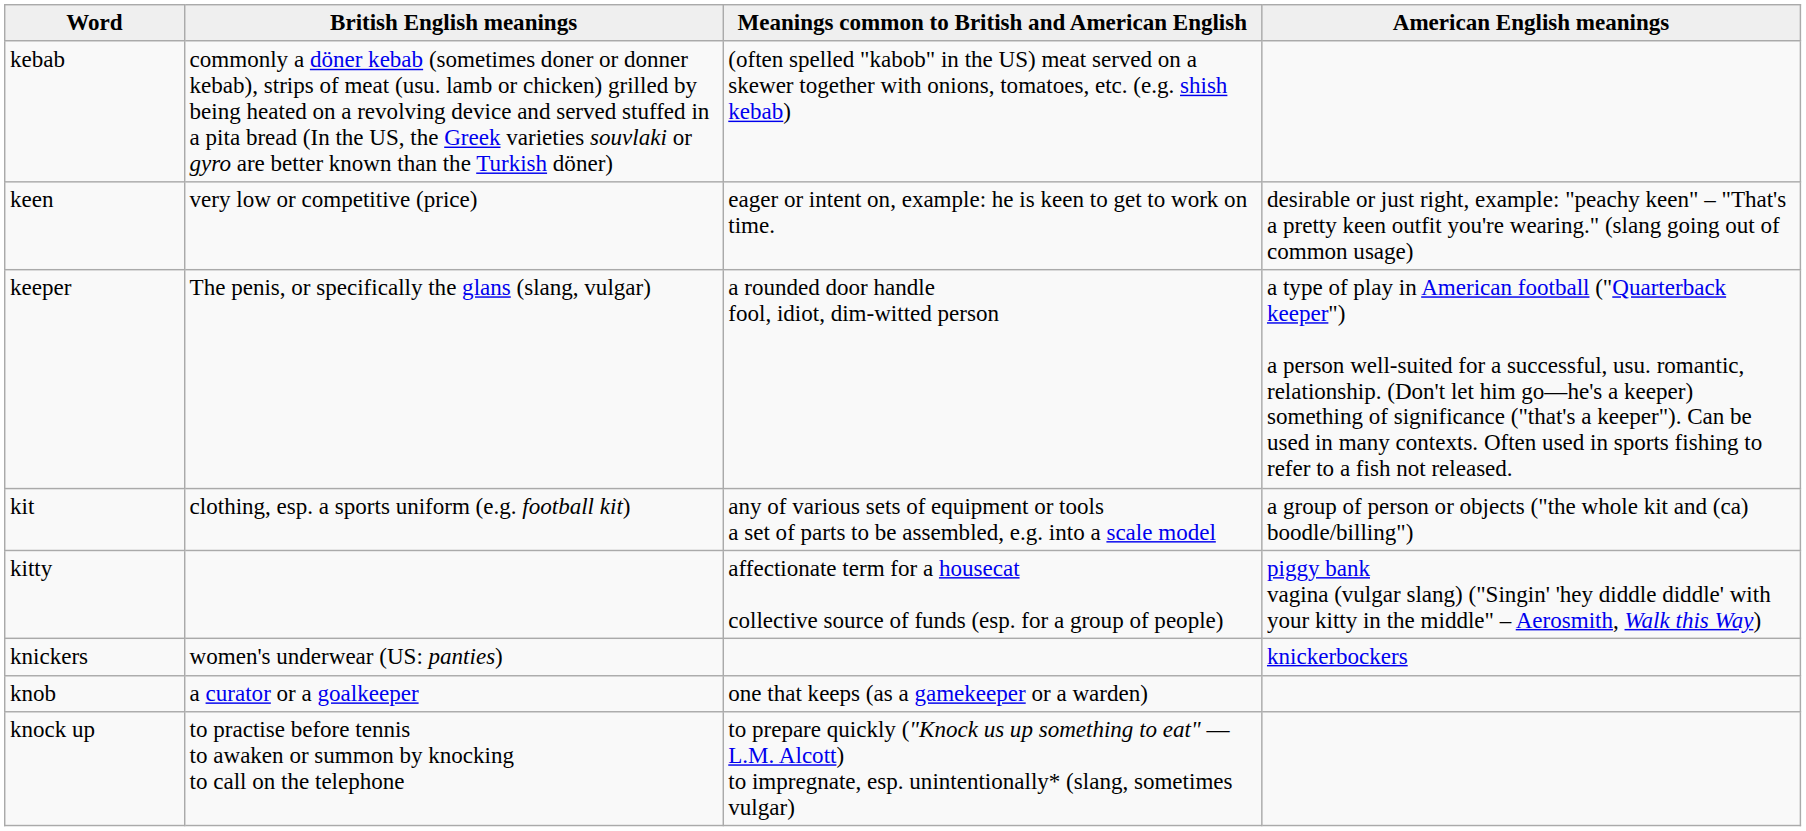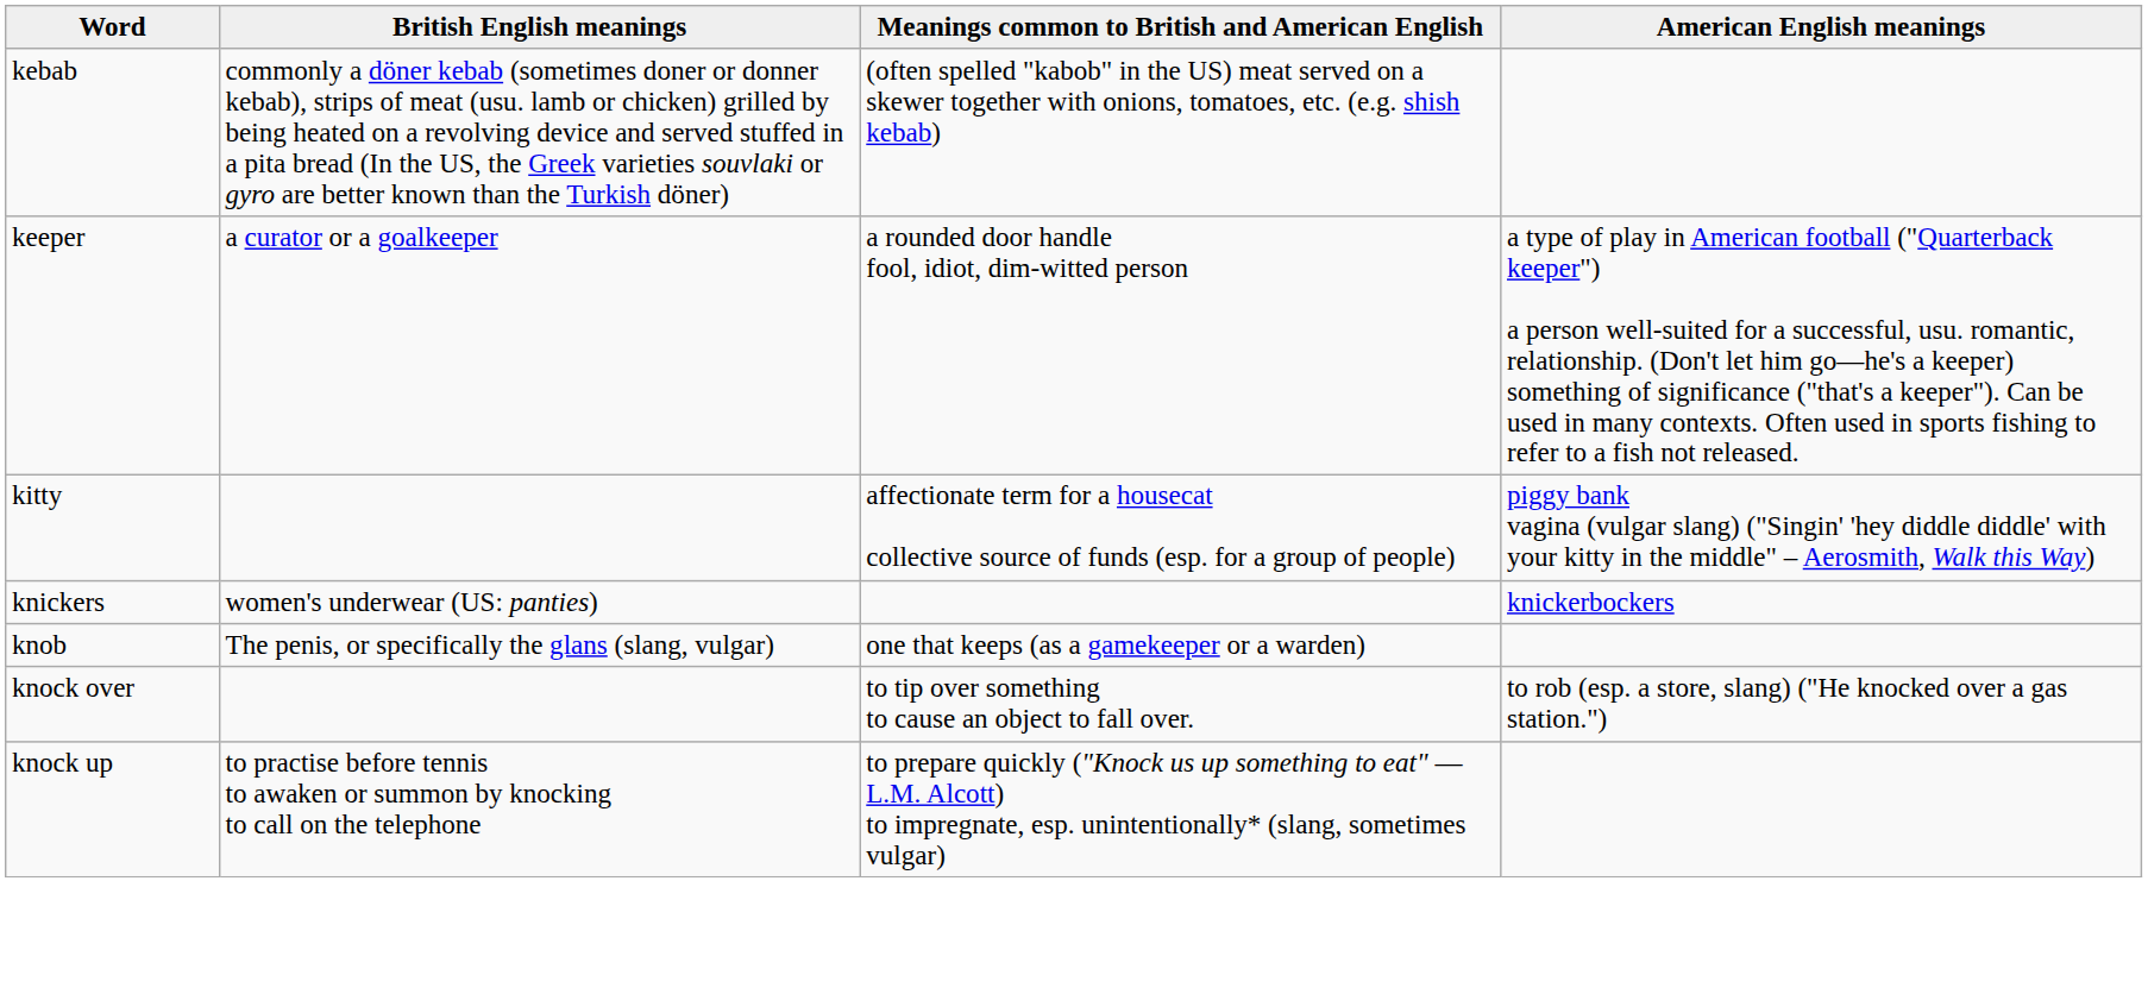 <table class="wikitable">
 <tr>
 <th style="width:10%; background:#efefef;">Word</th>
 <th style="width:30%; background:#efefef;">British English meanings</th>
 <th style="width:30%; background:#efefef;">Meanings common to British and American English</th>
 <th style="width:30%; background:#efefef;">American English meanings</th>
 </tr>
 <tr valign="top">
 <td>kebab</td>
 <td>commonly a <a href='#'>döner kebab</a> (sometimes doner or donner kebab), strips of meat (usu. lamb or chicken) grilled by being heated on a revolving device and served stuffed in a pita bread (In the US, the <a href='#'>Greek</a> varieties <em>souvlaki</em> or <em>gyro</em> are better known than the <a href='#'>Turkish</a> döner)</td>
 <td>(often spelled "kabob" in the US) meat served on a skewer together with onions, tomatoes, etc. (e.g. <a href='#'>shish kebab</a>)</td>
 <td> </td>
 </tr>
 <tr valign="top">
-<td>keen</td>
-<td>very low or competitive (price)</td>
-<td>eager or intent on, example: he is keen to get to work on time.</td>
-<td>desirable or just right, example: "peachy keen" – "That's a pretty keen outfit you're wearing." (slang going out of common usage)</td>
-</tr>
-<tr valign="top">
 <td>keeper</td>
-<td>The penis, or specifically the <a href='#'>glans</a> (slang, vulgar)</td>
+<td>a <a href='#'>curator</a> or a <a href='#'>goalkeeper</a></td>
 <td>a rounded door handle<br>fool, idiot, dim-witted person</td>
 <td>a type of play in <a href='#'>American football</a> ("<a href='#'>Quarterback keeper</a>")<br><br>a person well-suited for a successful, usu. romantic, relationship. (Don't let him go—he's a keeper)<br> something of significance ("that's a keeper"). Can be used in many contexts. Often used in sports fishing to refer to a fish not released.</td>
-</tr>
-<tr valign="top">
-<td>kit</td>
-<td>clothing, esp. a sports uniform (e.g. <em>football kit</em>)</td>
-<td>any of various sets of equipment or tools<br>a set of parts to be assembled, e.g. into a <a href='#'>scale model</a></td>
-<td>a group of person or objects ("the whole kit and (ca) boodle/billing")</td>
 </tr>
 <tr valign="top">
 <td>kitty</td>
 <td> </td>
 <td>affectionate term for a <a href='#'>housecat</a><br><br>collective source of funds (esp. for a group of people)</td>
 <td><a href='#'>piggy bank</a><br>vagina (vulgar slang) ("Singin' 'hey diddle diddle' with your kitty in the middle" – <a href='#'>Aerosmith</a>, <em><a href='#'>Walk this Way</a></em>)</td>
 </tr>
 <tr valign="top">
 <td>knickers</td>
 <td>women's underwear (US: <em>panties</em>)</td>
 <td> </td>
 <td><a href='#'>knickerbockers</a></td>
 </tr>
 <tr valign="top">
 <td>knob</td>
-<td>a <a href='#'>curator</a> or a <a href='#'>goalkeeper</a></td>
+<td>The penis, or specifically the <a href='#'>glans</a> (slang, vulgar)</td>
 <td>one that keeps (as a <a href='#'>gamekeeper</a> or a warden)</td>
 <td> </td>
+</tr>
+<tr valign="top">
+<td>knock over</td>
+<td> </td>
+<td>to tip over something<br>to cause an object to fall over.</td>
+<td>to rob (esp. a store, slang) ("He knocked over a gas station.")</td>
 </tr>
 <tr valign="top">
 <td>knock up</td>
 <td>to practise before tennis<br>to awaken or summon by knocking<br>to call on the telephone</td>
 <td>to prepare quickly (<em>"Knock us up something to eat"</em> — <a href='#'>L.M. Alcott</a>)<br>to impregnate, esp. unintentionally* (slang, sometimes vulgar)</td>
 <td></td>
 </tr>
 </table>
